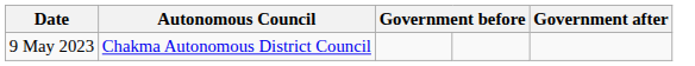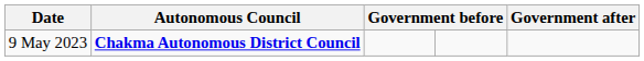 <table class="wikitable sortable">
 <tr>
 <th>Date</th>
 <th>Autonomous Council</th>
 <th colspan=2>Government before</th>
 <th colspan=2>Government after</th>
 </tr>
 <tr>
 <td>9 May 2023</td>
-<td><a href='#'>Chakma Autonomous District Council</a></td>
+<td><strong><a href='#'>Chakma Autonomous District Council</a></strong></td>
 <td></td>
 <td></td>
 </tr>
 </table>
